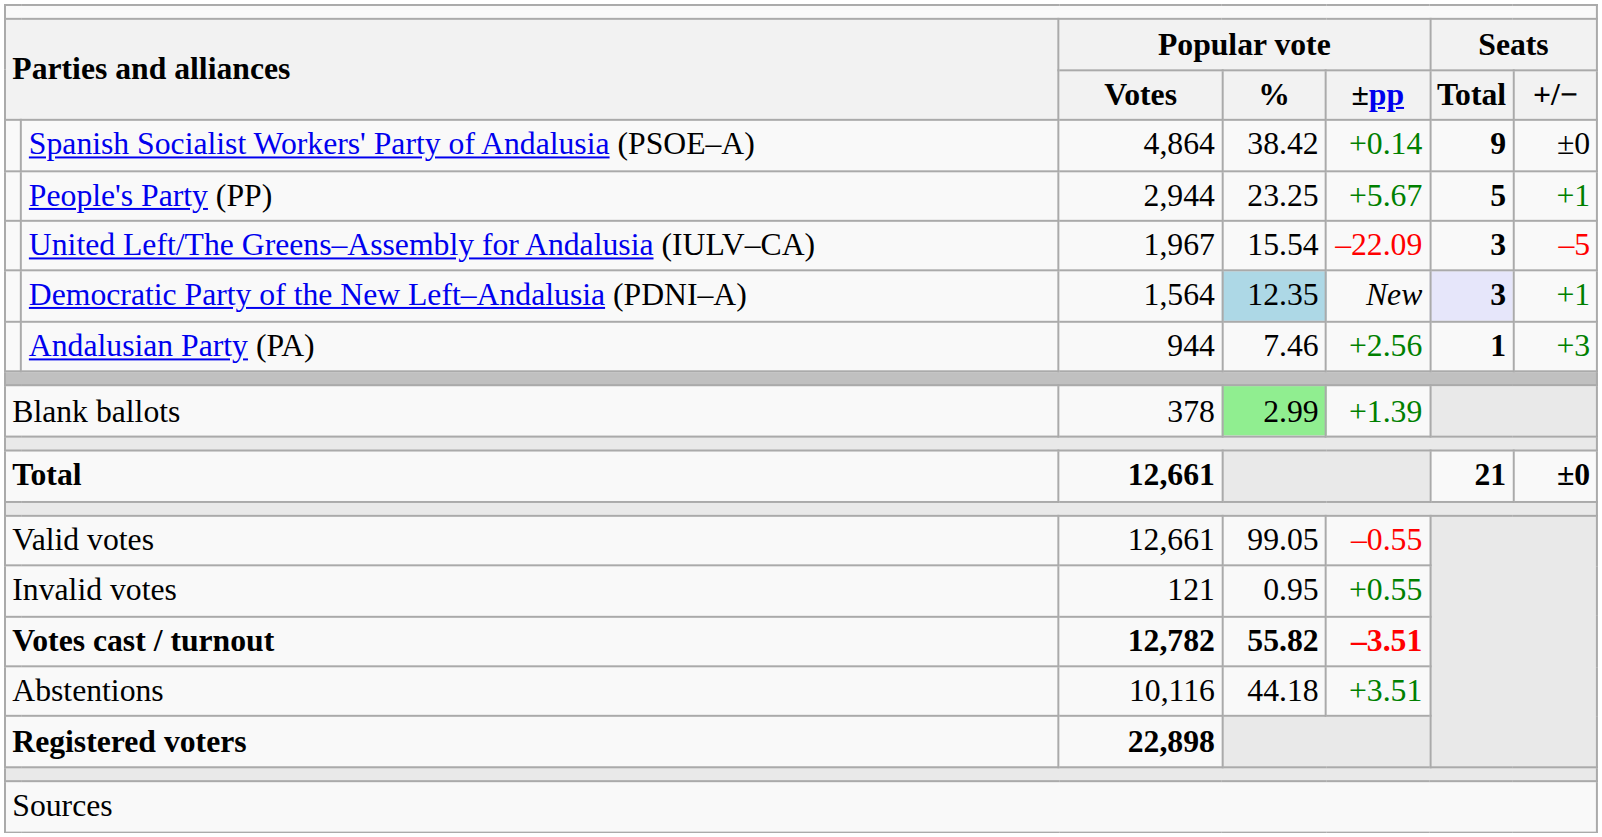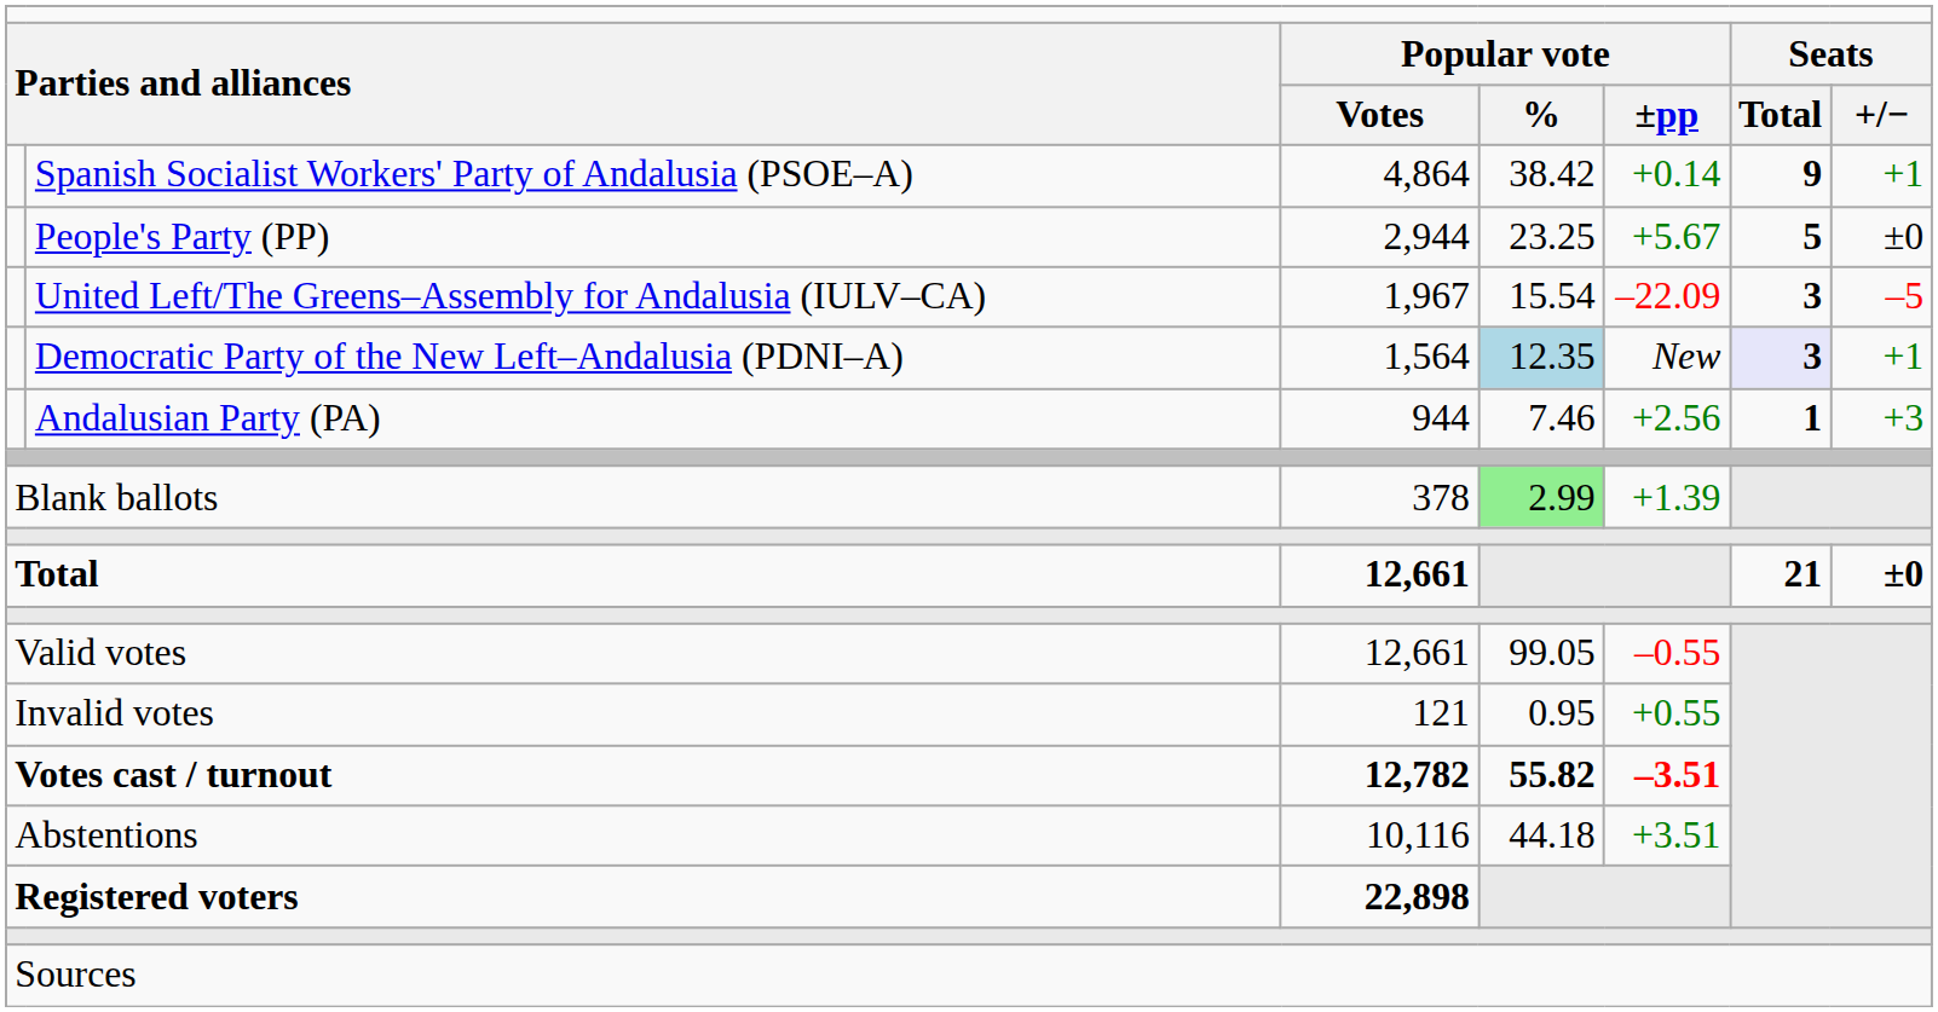 <table class="wikitable" style="text-align:right;">
 <tr>
 <td colspan="7"></td>
 </tr>
 <tr>
 <th style="text-align:left;" rowspan="2" colspan="2" width="525">Parties and alliances</th>
 <th colspan="3">Popular vote</th>
 <th colspan="2">Seats</th>
 </tr>
 <tr>
 <th width="75">Votes</th>
 <th width="45">%</th>
 <th width="45">±<a href='#'>pp</a></th>
 <th width="35">Total</th>
 <th width="35">+/−</th>
 </tr>
 <tr>
 <td width="1" style="color:inherit;background:"></td>
 <td align="left"><a href='#'>Spanish Socialist Workers' Party of Andalusia</a> (PSOE–A)</td>
 <td>4,864</td>
 <td>38.42</td>
 <td style="color:green;">+0.14</td>
 <td><strong>9</strong></td>
-<td>±0</td>
+<td style="color:green;">+1</td>
 </tr>
 <tr>
 <td style="color:inherit;background:"></td>
 <td align="left"><a href='#'>People's Party</a> (PP)</td>
 <td>2,944</td>
 <td>23.25</td>
 <td style="color:green;">+5.67</td>
 <td><strong>5</strong></td>
-<td style="color:green;">+1</td>
+<td>±0</td>
 </tr>
 <tr>
 <td style="color:inherit;background:"></td>
 <td align="left"><a href='#'>United Left/The Greens–Assembly for Andalusia</a> (IULV–CA)</td>
 <td>1,967</td>
 <td>15.54</td>
 <td style="color:red;">–22.09</td>
 <td><strong>3</strong></td>
 <td style="color:red;">–5</td>
 </tr>
 <tr>
 <td style="color:inherit;background:"></td>
 <td align="left"><a href='#'>Democratic Party of the New Left–Andalusia</a> (PDNI–A)</td>
 <td>1,564</td>
 <td style="background: lightblue;">12.35</td>
 <td><em>New</em></td>
 <td style="background: lavender;"><strong>3</strong></td>
 <td style="color:green;">+1</td>
 </tr>
 <tr>
 <td style="color:inherit;background:"></td>
 <td align="left"><a href='#'>Andalusian Party</a> (PA)</td>
 <td>944</td>
 <td>7.46</td>
 <td style="color:green;">+2.56</td>
 <td><strong>1</strong></td>
 <td style="color:green;">+3</td>
 </tr>
 <tr>
 <td colspan="7" bgcolor="#C0C0C0"></td>
 </tr>
 <tr>
 <td align="left" colspan="2">Blank ballots</td>
 <td>378</td>
 <td style="background: lightgreen;">2.99</td>
 <td style="color:green;">+1.39</td>
 <td bgcolor="#E9E9E9" colspan="2"></td>
 </tr>
 <tr>
 <td colspan="7" bgcolor="#E9E9E9"></td>
 </tr>
 <tr style="font-weight:bold;">
 <td align="left" colspan="2">Total</td>
 <td>12,661</td>
 <td bgcolor="#E9E9E9" colspan="2"></td>
 <td>21</td>
 <td>±0</td>
 </tr>
 <tr>
 <td colspan="7" bgcolor="#E9E9E9"></td>
 </tr>
 <tr>
 <td align="left" colspan="2">Valid votes</td>
 <td>12,661</td>
 <td>99.05</td>
 <td style="color:red;">–0.55</td>
 <td bgcolor="#E9E9E9" colspan="2" rowspan="5"></td>
 </tr>
 <tr>
 <td align="left" colspan="2">Invalid votes</td>
 <td>121</td>
 <td>0.95</td>
 <td style="color:green;">+0.55</td>
 </tr>
 <tr style="font-weight:bold;">
 <td align="left" colspan="2">Votes cast / turnout</td>
 <td>12,782</td>
 <td>55.82</td>
 <td style="color:red;">–3.51</td>
 </tr>
 <tr>
 <td align="left" colspan="2">Abstentions</td>
 <td>10,116</td>
 <td>44.18</td>
 <td style="color:green;">+3.51</td>
 </tr>
 <tr style="font-weight:bold;">
 <td align="left" colspan="2">Registered voters</td>
 <td>22,898</td>
 <td bgcolor="#E9E9E9" colspan="2"></td>
 </tr>
 <tr>
 <td colspan="7" bgcolor="#E9E9E9"></td>
 </tr>
 <tr>
 <td align="left" colspan="7">Sources</td>
 </tr>
 </table>
